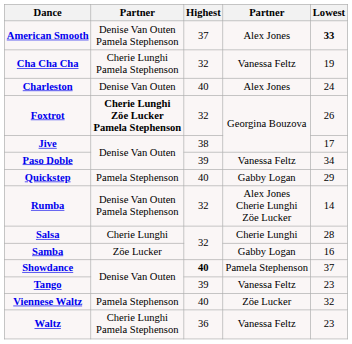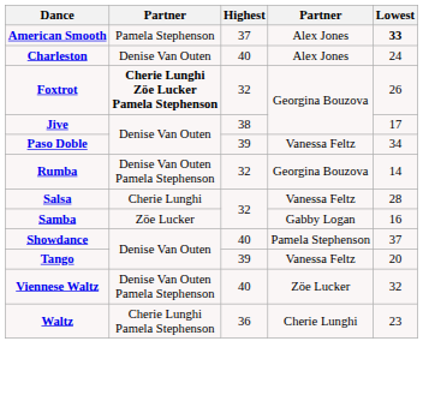 <table class="wikitable sortable collapsed">
 <tr style="text-align:Center; background:#cc;">
 <th>Dance</th>
 <th>Partner</th>
 <th>Highest</th>
 <th>Partner</th>
 <th>Lowest</th>
 </tr>
 <tr style="text-align: center; background:#faf6f6;#">
 <td><strong><a href='#'>American Smooth</a></strong></td>
-<td>Denise Van Outen<br>Pamela Stephenson</td>
+<td>Pamela Stephenson</td>
 <td>37</td>
 <td>Alex Jones</td>
 <td><strong>33</strong></td>
-</tr>
-<tr style="text-align: center; background:#faf6f6;">
-<td><strong><a href='#'>Cha Cha Cha</a></strong></td>
-<td>Cherie Lunghi<br>Pamela Stephenson</td>
-<td>32</td>
-<td>Vanessa Feltz</td>
-<td>19</td>
 </tr>
 <tr style="text-align: center; background:#faf6f6;">
 <td><strong><a href='#'>Charleston</a></strong></td>
 <td>Denise Van Outen</td>
 <td>40</td>
 <td>Alex Jones</td>
 <td>24</td>
 </tr>
 <tr style="text-align: center; background:#faf6f6;">
 <td><strong><a href='#'>Foxtrot</a></strong></td>
 <td><strong>Cherie Lunghi<br>Zöe Lucker<br>Pamela Stephenson</strong></td>
 <td>32</td>
 <td rowspan="2">Georgina Bouzova</td>
 <td>26</td>
 </tr>
 <tr style="text-align: center; background:#faf6f6;">
 <td><strong><a href='#'>Jive</a></strong></td>
 <td rowspan="2">Denise Van Outen</td>
 <td>38</td>
 <td>17</td>
 </tr>
 <tr style="text-align: center; background:#faf6f6;">
 <td><strong><a href='#'>Paso Doble</a></strong></td>
 <td>39</td>
 <td>Vanessa Feltz</td>
 <td>34</td>
 </tr>
 <tr style="text-align: center; background:#faf6f6;">
-<td><strong><a href='#'>Quickstep</a></strong></td>
-<td>Pamela Stephenson</td>
-<td>40</td>
-<td>Gabby Logan</td>
-<td>29</td>
-</tr>
-<tr style="text-align: center; background:#faf6f6;">
 <td><strong><a href='#'>Rumba</a></strong></td>
 <td>Denise Van Outen<br>Pamela Stephenson</td>
 <td>32</td>
-<td>Alex Jones<br>Cherie Lunghi<br>Zöe Lucker</td>
+<td>Georgina Bouzova</td>
 <td>14</td>
 </tr>
 <tr style="text-align: center; background:#faf6f6;">
 <td><strong><a href='#'>Salsa</a></strong></td>
 <td>Cherie Lunghi</td>
 <td rowspan="2">32</td>
-<td>Cherie Lunghi</td>
+<td>Vanessa Feltz</td>
 <td>28</td>
 </tr>
 <tr style="text-align: center; background:#faf6f6;">
 <td><strong><a href='#'>Samba</a></strong></td>
 <td>Zöe Lucker</td>
 <td>Gabby Logan</td>
 <td>16</td>
 </tr>
 <tr style="text-align: center; background:#faf6f6;">
 <td><strong><a href='#'>Showdance</a></strong></td>
 <td rowspan="2">Denise Van Outen</td>
-<td><strong>40</strong></td>
+<td>40</td>
 <td>Pamela Stephenson</td>
 <td>37</td>
 </tr>
 <tr style="text-align: center; background:#faf6f6;">
 <td><strong><a href='#'>Tango</a></strong></td>
 <td>39</td>
 <td>Vanessa Feltz</td>
-<td>23</td>
+<td>20</td>
 </tr>
 <tr style="text-align: center; background:#faf6f6;">
 <td><strong><a href='#'>Viennese Waltz</a></strong></td>
-<td>Pamela Stephenson</td>
+<td>Denise Van Outen<br>Pamela Stephenson</td>
 <td>40</td>
 <td>Zöe Lucker</td>
 <td>32</td>
 </tr>
 <tr style="text-align: center; background:#faf6f6;">
 <td><strong><a href='#'>Waltz</a></strong></td>
 <td>Cherie Lunghi<br>Pamela Stephenson</td>
 <td>36</td>
-<td>Vanessa Feltz</td>
+<td>Cherie Lunghi</td>
 <td>23</td>
 </tr>
 </table>
